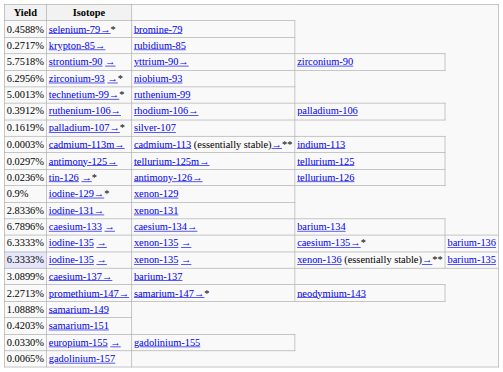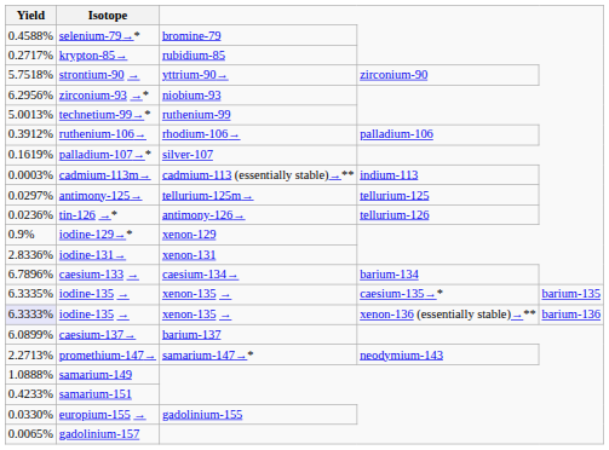 <table class="wikitable sortable">
 <tr>
 <th>Yield</th>
 <th>Isotope</th>
 </tr>
 <tr>
 <td>0.4588%</td>
 <td style="background:"><a href='#'>selenium-79</a><a href='#'>→</a>*</td>
 <td style="background:"><a href='#'>bromine-79</a></td>
 </tr>
 <tr>
 <td>0.2717%</td>
 <td style="background:"><a href='#'>krypton-85</a><a href='#'>→</a></td>
 <td style="background:"><a href='#'>rubidium-85</a></td>
 </tr>
 <tr>
 <td>5.7518%</td>
 <td style="background:"><a href='#'>strontium-90</a> <a href='#'>→</a></td>
 <td style="background:"><a href='#'>yttrium-90</a><a href='#'>→</a></td>
 <td style="background:"><a href='#'>zirconium-90</a></td>
 </tr>
 <tr>
 <td>6.2956%</td>
 <td style="background:"><a href='#'>zirconium-93</a> <a href='#'>→</a>*</td>
 <td style="background:"><a href='#'>niobium-93</a></td>
 </tr>
 <tr>
 <td>5.0013%</td>
 <td style="background:"><a href='#'>technetium-99</a><a href='#'>→</a>*</td>
 <td style="background:"><a href='#'>ruthenium-99</a></td>
 </tr>
 <tr>
 <td>0.3912%</td>
 <td style="background:"><a href='#'>ruthenium-106</a><a href='#'>→</a></td>
 <td style="background:"><a href='#'>rhodium-106</a><a href='#'>→</a></td>
 <td style="background:"><a href='#'>palladium-106</a></td>
 </tr>
 <tr>
 <td>0.1619%</td>
 <td style="background:"><a href='#'>palladium-107</a><a href='#'>→</a>*</td>
 <td style="background:"><a href='#'>silver-107</a></td>
 </tr>
 <tr>
 <td>0.0003%</td>
 <td style="background:"><a href='#'>cadmium-113m</a><a href='#'>→</a></td>
 <td style="background:"><a href='#'>cadmium-113</a> (essentially stable)<a href='#'>→</a>**</td>
 <td style="background:"><a href='#'>indium-113</a></td>
 </tr>
 <tr>
 <td>0.0297%</td>
 <td style="background:"><a href='#'>antimony-125</a><a href='#'>→</a></td>
 <td style="background:"><a href='#'>tellurium-125m</a><a href='#'>→</a></td>
 <td style="background:"><a href='#'>tellurium-125</a></td>
 </tr>
 <tr>
 <td>0.0236%</td>
 <td style="background:"><a href='#'>tin-126</a> <a href='#'>→</a>*</td>
 <td style="background:"><a href='#'>antimony-126</a><a href='#'>→</a></td>
 <td style="background:"><a href='#'>tellurium-126</a></td>
 </tr>
 <tr>
 <td>0.9%</td>
 <td style="background:"><a href='#'>iodine-129</a><a href='#'>→</a>*</td>
 <td style="background:"><a href='#'>xenon-129</a></td>
 </tr>
 <tr>
 <td>2.8336%</td>
 <td style="background:"><a href='#'>iodine-131</a><a href='#'>→</a></td>
 <td style="background:"><a href='#'>xenon-131</a></td>
 </tr>
 <tr>
 <td>6.7896%</td>
 <td style="background:"><a href='#'>caesium-133</a> <a href='#'>→</a></td>
 <td style="background:"><a href='#'>caesium-134</a><a href='#'>→</a></td>
 <td style="background:"><a href='#'>barium-134</a></td>
 </tr>
 <tr>
-<td>6.3333%</td>
+<td>6.3335%</td>
 <td style="background:"><a href='#'>iodine-135</a> <a href='#'>→</a></td>
 <td style="background:"><a href='#'>xenon-135</a> <a href='#'>→</a></td>
 <td style="background:"><a href='#'>caesium-135</a><a href='#'>→</a>*</td>
-<td style="background:"><a href='#'>barium-136</a></td>
+<td style="background:"><a href='#'>barium-135</a></td>
 </tr>
 <tr>
 <td style="background: lavender;">6.3333%</td>
 <td style="background:"><a href='#'>iodine-135</a> <a href='#'>→</a></td>
 <td style="background:"><a href='#'>xenon-135</a> <a href='#'>→</a></td>
 <td style="background:"><a href='#'>xenon-136</a> (essentially stable)<a href='#'>→</a>**</td>
-<td style="background:"><a href='#'>barium-135</a></td>
+<td style="background:"><a href='#'>barium-136</a></td>
 </tr>
 <tr>
-<td>3.0899%</td>
+<td>6.0899%</td>
 <td style="background:"><a href='#'>caesium-137</a><a href='#'>→</a></td>
 <td style="background:"><a href='#'>barium-137</a></td>
 </tr>
 <tr>
 <td>2.2713%</td>
 <td style="background:"><a href='#'>promethium-147</a><a href='#'>→</a></td>
 <td style="background:"><a href='#'>samarium-147</a><a href='#'>→</a>*</td>
 <td style="background:"><a href='#'>neodymium-143</a></td>
 </tr>
 <tr>
 <td>1.0888%</td>
 <td style="background:"><a href='#'>samarium-149</a></td>
 </tr>
 <tr>
-<td>0.4203%</td>
+<td>0.4233%</td>
 <td style="background:"><a href='#'>samarium-151</a></td>
 </tr>
 <tr>
 <td>0.0330%</td>
 <td style="background:"><a href='#'>europium-155</a> <a href='#'>→</a></td>
 <td style="background:"><a href='#'>gadolinium-155</a></td>
 </tr>
 <tr>
 <td>0.0065%</td>
 <td style="background:"><a href='#'>gadolinium-157</a></td>
 </tr>
 </table>
